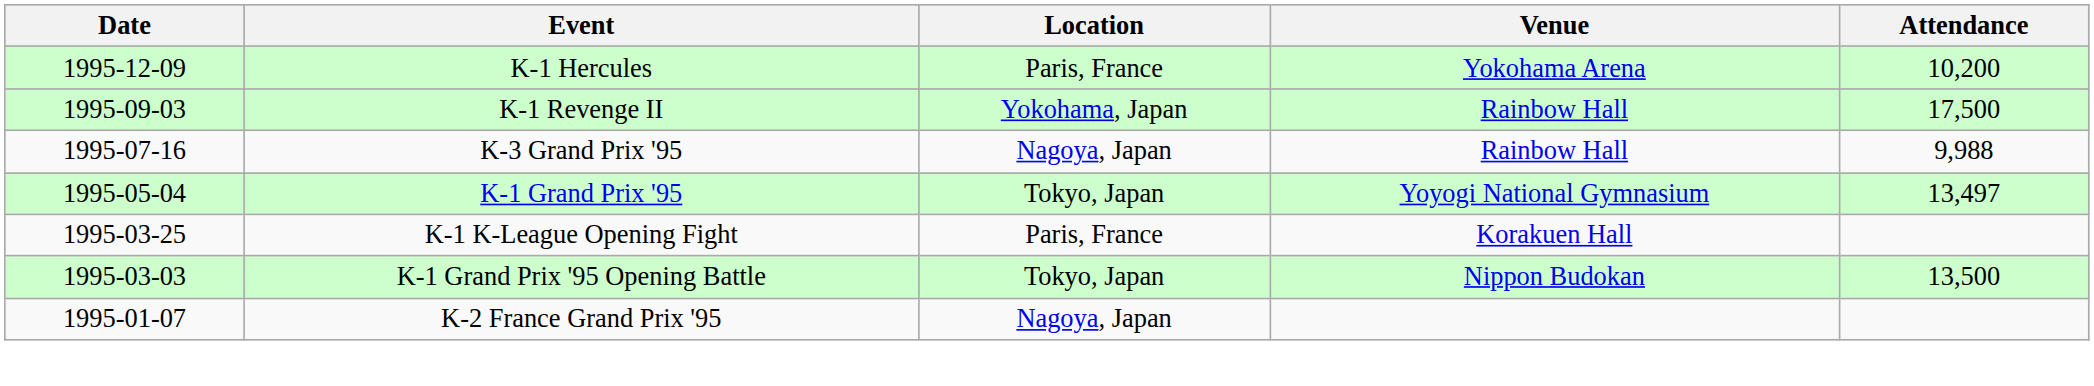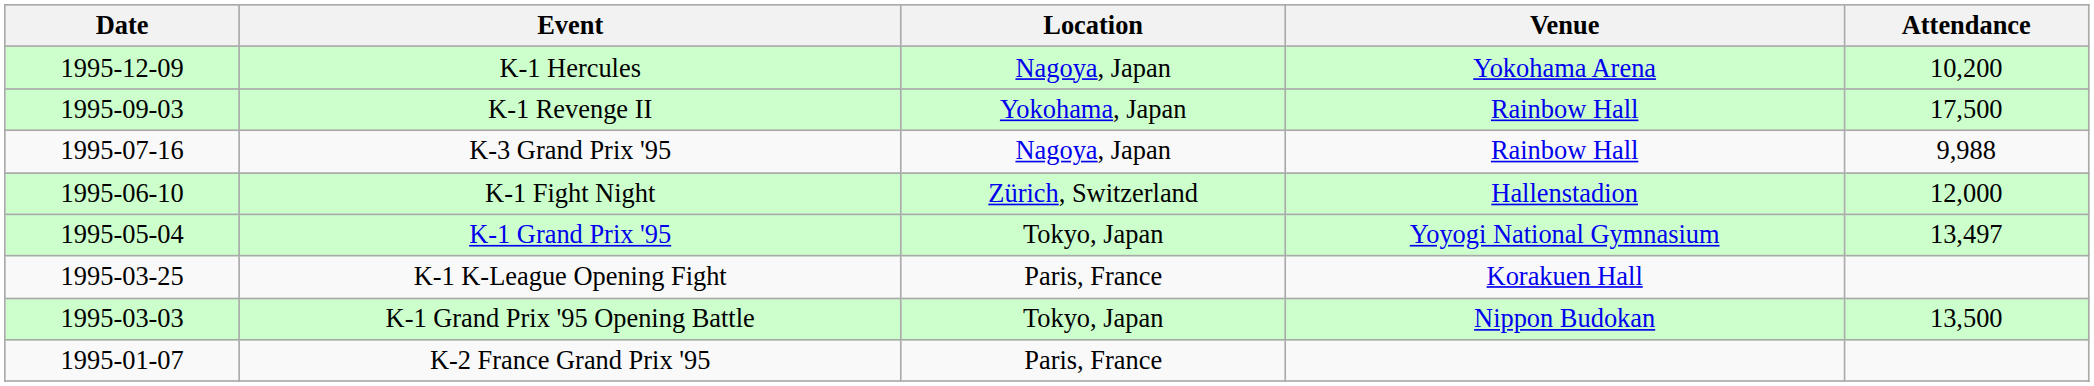 <table class="wikitable" style="width:100%; text-align:center">
 <tr>
 <th>Date</th>
 <th>Event</th>
 <th>Location</th>
 <th>Venue</th>
 <th>Attendance</th>
 </tr>
 <tr style="background:#CCFFCC">
 <td>1995-12-09</td>
 <td>K-1 Hercules</td>
-<td> Paris, France</td>
+<td> <a href='#'>Nagoya</a>, Japan</td>
 <td><a href='#'>Yokohama Arena</a></td>
 <td>10,200</td>
 </tr>
 <tr style="background:#CCFFCC">
 <td>1995-09-03</td>
 <td>K-1 Revenge II</td>
 <td> <a href='#'>Yokohama</a>, Japan</td>
 <td><a href='#'>Rainbow Hall</a></td>
 <td>17,500</td>
 </tr>
 <tr style="background:">
 <td>1995-07-16</td>
 <td>K-3 Grand Prix '95</td>
 <td> <a href='#'>Nagoya</a>, Japan</td>
 <td><a href='#'>Rainbow Hall</a></td>
 <td>9,988</td>
+</tr>
+<tr style="background:#CCFFCC">
+<td>1995-06-10</td>
+<td>K-1 Fight Night</td>
+<td> <a href='#'>Zürich</a>, Switzerland</td>
+<td><a href='#'>Hallenstadion</a></td>
+<td>12,000</td>
 </tr>
 <tr style="background:#CCFFCC">
 <td>1995-05-04</td>
 <td><a href='#'>K-1 Grand Prix '95</a></td>
 <td> Tokyo, Japan</td>
 <td><a href='#'>Yoyogi National Gymnasium</a></td>
 <td>13,497</td>
 </tr>
 <tr>
 <td>1995-03-25</td>
 <td>K-1 K-League Opening Fight</td>
 <td> Paris, France</td>
 <td><a href='#'>Korakuen Hall</a></td>
 <td></td>
 </tr>
 <tr style="background:#CCFFCC">
 <td>1995-03-03</td>
 <td>K-1 Grand Prix '95 Opening Battle</td>
 <td> Tokyo, Japan</td>
 <td><a href='#'>Nippon Budokan</a></td>
 <td>13,500</td>
 </tr>
 <tr>
 <td>1995-01-07</td>
 <td>K-2 France Grand Prix '95</td>
-<td> <a href='#'>Nagoya</a>, Japan</td>
+<td> Paris, France</td>
 <td></td>
 <td></td>
 </tr>
 </table>
